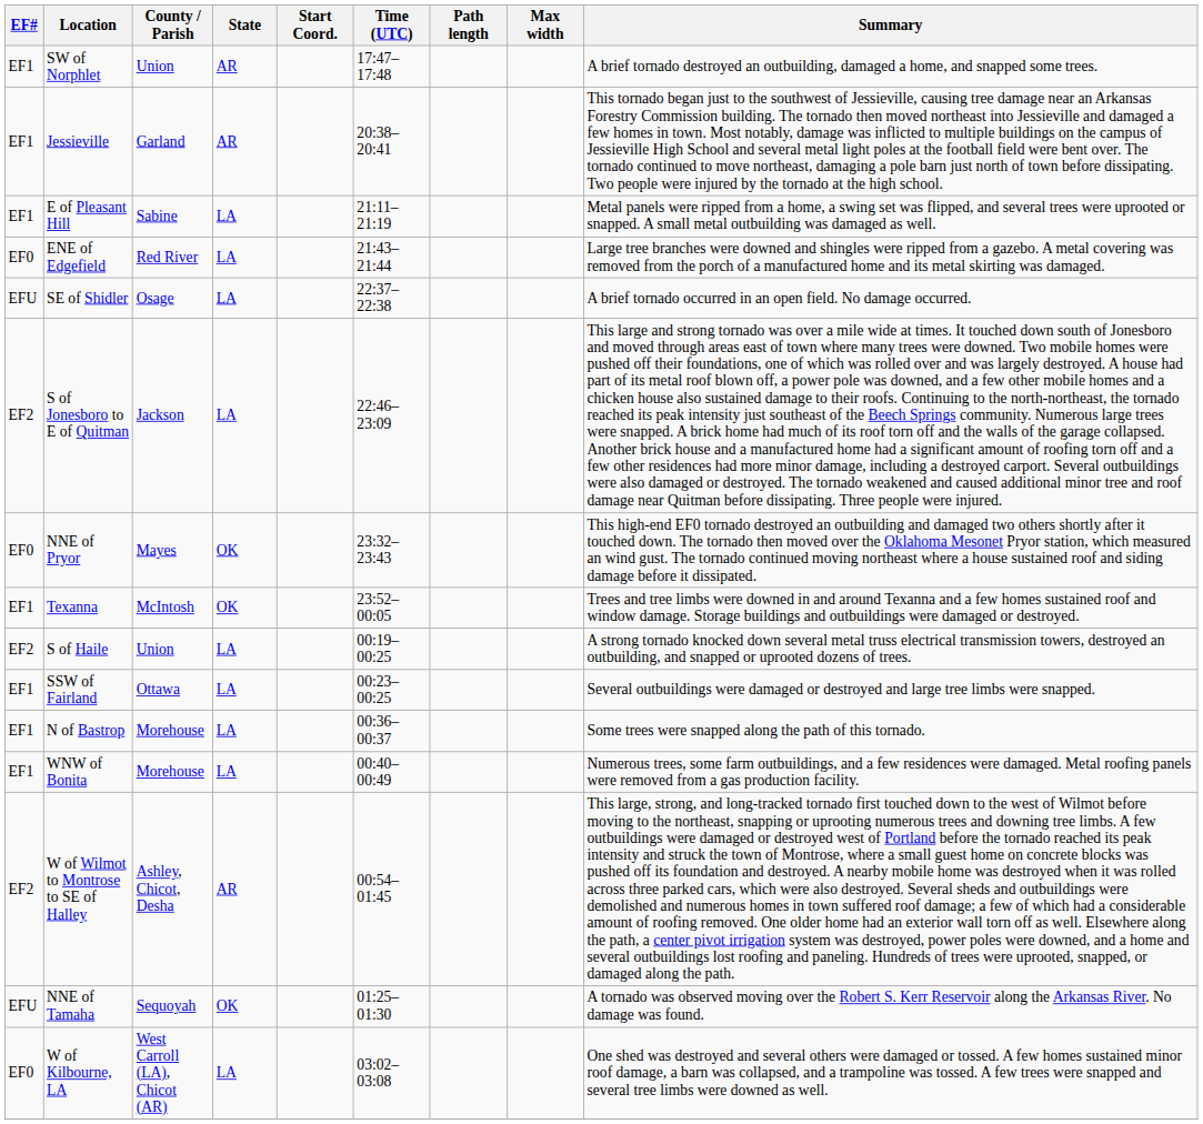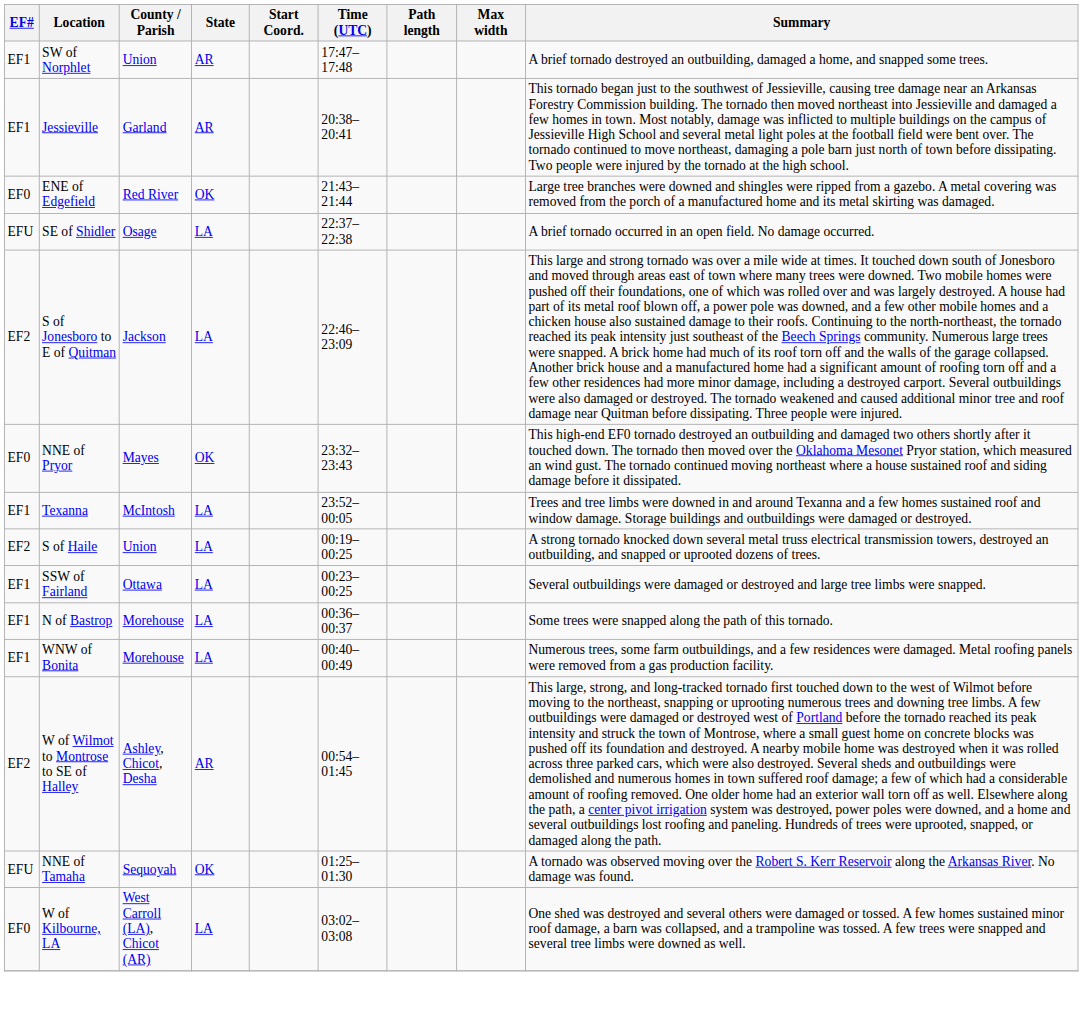 <table class="wikitable sortable" style="width:100%;">
 <tr>
 <th scope="col"  style="width:3%; text-align:center;"><a href='#'>EF#</a></th>
 <th scope="col"  style="width:7%; text-align:center;" class="unsortable">Location</th>
 <th scope="col"  style="width:6%; text-align:center;" class="unsortable">County / Parish</th>
 <th scope="col"  style="width:5%; text-align:center;">State</th>
 <th scope="col"  style="width:6%; text-align:center;">Start Coord.</th>
 <th scope="col"  style="width:6%; text-align:center;">Time (<a href='#'>UTC</a>)</th>
 <th scope="col"  style="width:6%; text-align:center;">Path length</th>
 <th scope="col"  style="width:6%; text-align:center;">Max width</th>
 <th scope="col" class="unsortable" style="width:48%; text-align:center;">Summary</th>
 </tr>
 <tr>
 <td>EF1</td>
 <td>SW of <a href='#'>Norphlet</a></td>
 <td><a href='#'>Union</a></td>
 <td><a href='#'>AR</a></td>
 <td></td>
 <td>17:47–17:48</td>
 <td></td>
 <td></td>
 <td>A brief tornado destroyed an outbuilding, damaged a home, and snapped some trees.</td>
 </tr>
 <tr>
 <td>EF1</td>
 <td><a href='#'>Jessieville</a></td>
 <td><a href='#'>Garland</a></td>
 <td><a href='#'>AR</a></td>
 <td></td>
 <td>20:38–20:41</td>
 <td></td>
 <td></td>
 <td>This tornado began just to the southwest of Jessieville, causing tree damage near an Arkansas Forestry Commission building. The tornado then moved northeast into Jessieville and damaged a few homes in town. Most notably, damage was inflicted to multiple buildings on the campus of Jessieville High School and several metal light poles at the football field were bent over. The tornado continued to move northeast, damaging a pole barn just north of town before dissipating. Two people were injured by the tornado at the high school.</td>
 </tr>
 <tr>
-<td>EF1</td>
-<td>E of <a href='#'>Pleasant Hill</a></td>
-<td><a href='#'>Sabine</a></td>
-<td><a href='#'>LA</a></td>
-<td></td>
-<td>21:11–21:19</td>
-<td></td>
-<td></td>
-<td>Metal panels were ripped from a home, a swing set was flipped, and several trees were uprooted or snapped. A small metal outbuilding was damaged as well.</td>
-</tr>
-<tr>
 <td>EF0</td>
 <td>ENE of <a href='#'>Edgefield</a></td>
 <td><a href='#'>Red River</a></td>
-<td><a href='#'>LA</a></td>
+<td><a href='#'>OK</a></td>
 <td></td>
 <td>21:43–21:44</td>
 <td></td>
 <td></td>
 <td>Large tree branches were downed and shingles were ripped from a gazebo. A metal covering was removed from the porch of a manufactured home and its metal skirting was damaged.</td>
 </tr>
 <tr>
 <td>EFU</td>
 <td>SE of <a href='#'>Shidler</a></td>
 <td><a href='#'>Osage</a></td>
 <td><a href='#'>LA</a></td>
 <td></td>
 <td>22:37–22:38</td>
 <td></td>
 <td></td>
 <td>A brief tornado occurred in an open field. No damage occurred.</td>
 </tr>
 <tr>
 <td>EF2</td>
 <td>S of <a href='#'>Jonesboro</a> to E of <a href='#'>Quitman</a></td>
 <td><a href='#'>Jackson</a></td>
 <td><a href='#'>LA</a></td>
 <td></td>
 <td>22:46–23:09</td>
 <td></td>
 <td></td>
 <td>This large and strong tornado was over a mile wide at times. It touched down south of Jonesboro and moved through areas east of town where many trees were downed. Two mobile homes were pushed off their foundations, one of which was rolled over and was largely destroyed. A house had part of its metal roof blown off, a power pole was downed, and a few other mobile homes and a chicken house also sustained damage to their roofs. Continuing to the north-northeast, the tornado reached its peak intensity just southeast of the <a href='#'>Beech Springs</a> community. Numerous large trees were snapped. A brick home had much of its roof torn off and the walls of the garage collapsed. Another brick house and a manufactured home had a significant amount of roofing torn off and a few other residences had more minor damage, including a destroyed carport. Several outbuildings were also damaged or destroyed. The tornado weakened and caused additional minor tree and roof damage near Quitman before dissipating. Three people were injured.</td>
 </tr>
 <tr>
 <td>EF0</td>
 <td>NNE of <a href='#'>Pryor</a></td>
 <td><a href='#'>Mayes</a></td>
 <td><a href='#'>OK</a></td>
 <td></td>
 <td>23:32–23:43</td>
 <td></td>
 <td></td>
 <td>This high-end EF0 tornado destroyed an outbuilding and damaged two others shortly after it touched down. The tornado then moved over the <a href='#'>Oklahoma Mesonet</a> Pryor station, which measured an  wind gust. The tornado continued moving northeast where a house sustained roof and siding damage before it dissipated.</td>
 </tr>
 <tr>
 <td>EF1</td>
 <td><a href='#'>Texanna</a></td>
 <td><a href='#'>McIntosh</a></td>
-<td><a href='#'>OK</a></td>
+<td><a href='#'>LA</a></td>
 <td></td>
 <td>23:52–00:05</td>
 <td></td>
 <td></td>
 <td>Trees and tree limbs were downed in and around Texanna and a few homes sustained roof and window damage. Storage buildings and outbuildings were damaged or destroyed.</td>
 </tr>
 <tr>
 <td>EF2</td>
 <td>S of <a href='#'>Haile</a></td>
 <td><a href='#'>Union</a></td>
 <td><a href='#'>LA</a></td>
 <td></td>
 <td>00:19–00:25</td>
 <td></td>
 <td></td>
 <td>A strong tornado knocked down several metal truss electrical transmission towers, destroyed an outbuilding, and snapped or uprooted dozens of trees.</td>
 </tr>
 <tr>
 <td>EF1</td>
 <td>SSW of <a href='#'>Fairland</a></td>
 <td><a href='#'>Ottawa</a></td>
 <td><a href='#'>LA</a></td>
 <td></td>
 <td>00:23–00:25</td>
 <td></td>
 <td></td>
 <td>Several outbuildings were damaged or destroyed and large tree limbs were snapped.</td>
 </tr>
 <tr>
 <td>EF1</td>
 <td>N of <a href='#'>Bastrop</a></td>
 <td><a href='#'>Morehouse</a></td>
 <td><a href='#'>LA</a></td>
 <td></td>
 <td>00:36–00:37</td>
 <td></td>
 <td></td>
 <td>Some trees were snapped along the path of this tornado.</td>
 </tr>
 <tr>
 <td>EF1</td>
 <td>WNW of <a href='#'>Bonita</a></td>
 <td><a href='#'>Morehouse</a></td>
 <td><a href='#'>LA</a></td>
 <td></td>
 <td>00:40–00:49</td>
 <td></td>
 <td></td>
 <td>Numerous trees, some farm outbuildings, and a few residences were damaged. Metal roofing panels were removed from a gas production facility.</td>
 </tr>
 <tr>
 <td>EF2</td>
 <td>W of <a href='#'>Wilmot</a> to <a href='#'>Montrose</a> to SE of <a href='#'>Halley</a></td>
 <td><a href='#'>Ashley</a>, <a href='#'>Chicot</a>, <a href='#'>Desha</a></td>
 <td><a href='#'>AR</a></td>
 <td></td>
 <td>00:54–01:45</td>
 <td></td>
 <td></td>
 <td>This large, strong, and long-tracked tornado first touched down to the west of Wilmot before moving to the northeast, snapping or uprooting numerous trees and downing tree limbs. A few outbuildings were damaged or destroyed west of <a href='#'>Portland</a> before the tornado reached its peak intensity and struck the town of Montrose, where a small guest home on concrete blocks was pushed off its foundation and destroyed. A nearby mobile home was destroyed when it was rolled across three parked cars, which were also destroyed. Several sheds and outbuildings were demolished and numerous homes in town suffered roof damage; a few of which had a considerable amount of roofing removed. One older home had an exterior wall torn off as well. Elsewhere along the path, a <a href='#'>center pivot irrigation</a> system was destroyed, power poles were downed, and a home and several outbuildings lost roofing and paneling. Hundreds of trees were uprooted, snapped, or damaged along the path.</td>
 </tr>
 <tr>
 <td>EFU</td>
 <td>NNE of <a href='#'>Tamaha</a></td>
 <td><a href='#'>Sequoyah</a></td>
 <td><a href='#'>OK</a></td>
 <td></td>
 <td>01:25–01:30</td>
 <td></td>
 <td></td>
 <td>A tornado was observed moving over the <a href='#'>Robert S. Kerr Reservoir</a> along the <a href='#'>Arkansas River</a>. No damage was found.</td>
 </tr>
 <tr>
 <td>EF0</td>
 <td>W of <a href='#'>Kilbourne, LA</a></td>
 <td><a href='#'>West Carroll (LA)</a>, <a href='#'>Chicot (AR)</a></td>
 <td><a href='#'>LA</a></td>
 <td></td>
 <td>03:02–03:08</td>
 <td></td>
 <td></td>
 <td>One shed was destroyed and several others were damaged or tossed. A few homes sustained minor roof damage, a barn was collapsed, and a trampoline was tossed. A few trees were snapped and several tree limbs were downed as well.</td>
 </tr>
 <tr>
 </tr>
 </table>
